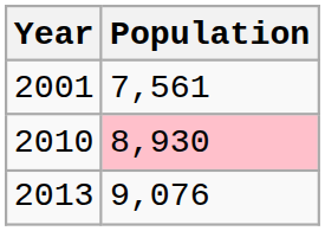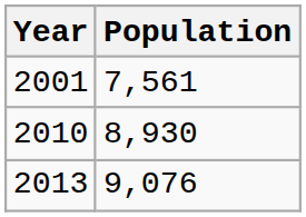 <table class="wikitable">
 <tr>
 <th>Year</th>
 <th>Population</th>
 </tr>
 <tr>
 <td>2001</td>
 <td>7,561</td>
 </tr>
 <tr>
 <td>2010</td>
-<td style="background: pink;">8,930</td>
+<td>8,930</td>
 </tr>
 <tr>
 <td>2013</td>
 <td>9,076</td>
 </tr>
 </table>
